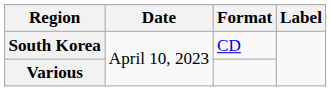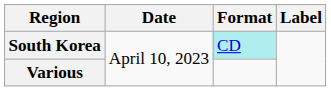 <table class="wikitable plainrowheaders">
 <tr>
 <th scope="col">Region </th>
 <th scope="col">Date</th>
 <th scope="col">Format</th>
 <th scope="col">Label</th>
 </tr>
 <tr>
 <th scope="row">South Korea</th>
 <td rowspan="2">April 10, 2023</td>
-<td><a href='#'>CD</a></td>
+<td style="background: paleturquoise;"><a href='#'>CD</a></td>
 <td rowspan="2"></td>
 </tr>
 <tr>
 <th scope="row">Various </th>
 <td></td>
 </tr>
 </table>
